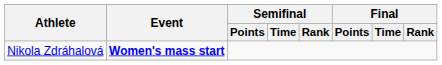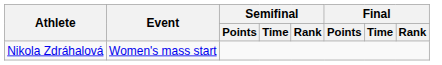 <table class=wikitable style=font-size:90%;text-align:center>
 <tr>
 <th rowspan=2>Athlete</th>
 <th rowspan=2>Event</th>
 <th colspan="3">Semifinal</th>
 <th colspan="3">Final</th>
 </tr>
 <tr style="font-size:95%">
 <th>Points</th>
 <th>Time</th>
 <th>Rank</th>
 <th>Points</th>
 <th>Time</th>
 <th>Rank</th>
 </tr>
 <tr>
 <td align=left><a href='#'>Nikola Zdráhalová</a></td>
-<td align=left><strong><a href='#'>Women's mass start</a></strong></td>
+<td align=left><a href='#'>Women's mass start</a></td>
 <td colspan=6></td>
 </tr>
 </table>
